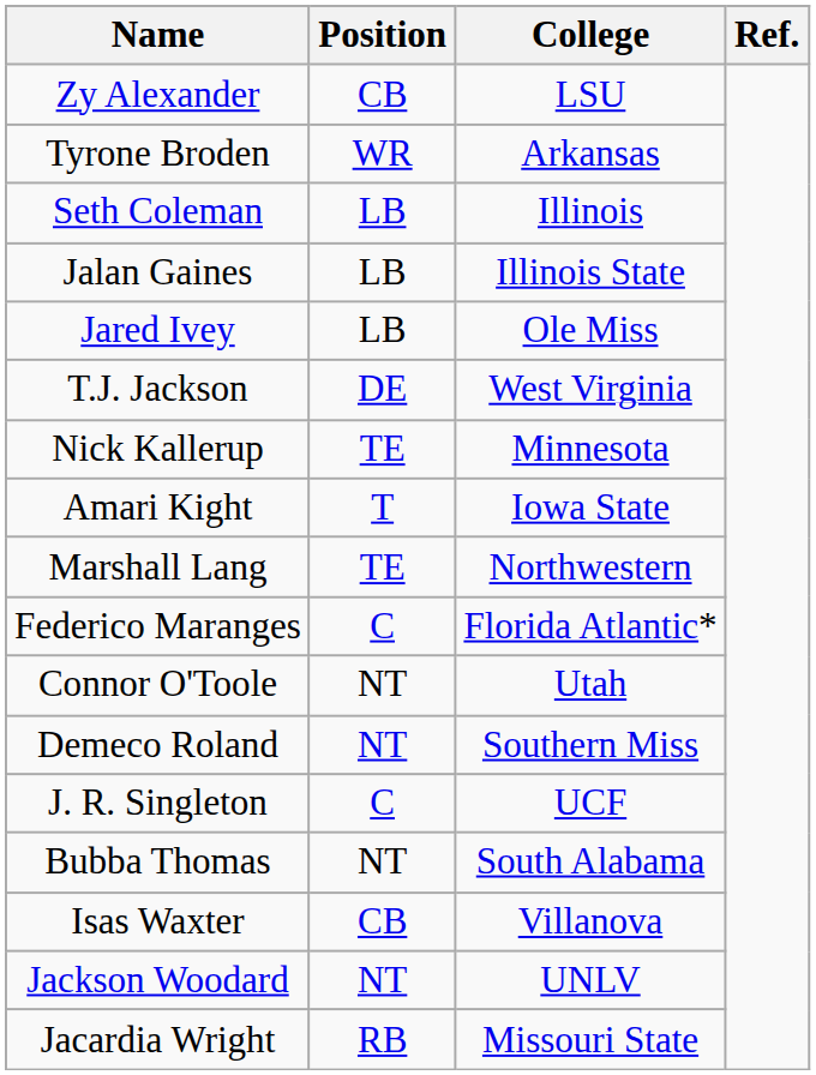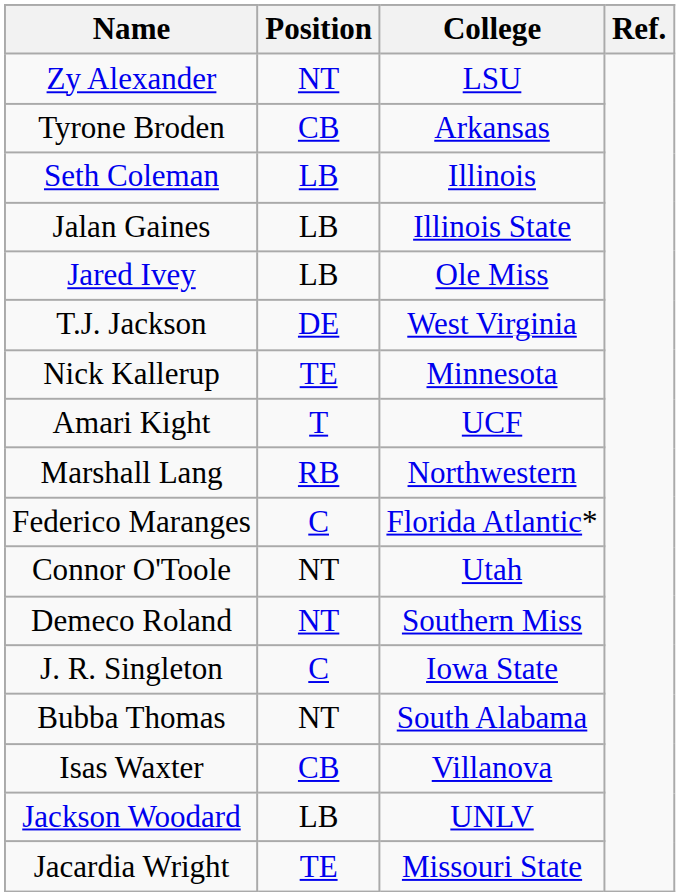 <table class="wikitable" style="text-align:center">
 <tr>
 <th>Name</th>
 <th>Position</th>
 <th>College</th>
 <th>Ref.</th>
 </tr>
 <tr>
 <td><a href='#'>Zy Alexander</a></td>
-<td><a href='#'>CB</a></td>
+<td><a href='#'>NT</a></td>
 <td><a href='#'>LSU</a></td>
 <td rowspan="17"></td>
 </tr>
 <tr>
 <td>Tyrone Broden</td>
-<td><a href='#'>WR</a></td>
+<td><a href='#'>CB</a></td>
 <td><a href='#'>Arkansas</a></td>
 </tr>
 <tr>
 <td><a href='#'>Seth Coleman</a></td>
 <td><a href='#'>LB</a></td>
 <td><a href='#'>Illinois</a></td>
 </tr>
 <tr>
 <td>Jalan Gaines</td>
 <td>LB</td>
 <td><a href='#'>Illinois State</a></td>
 </tr>
 <tr>
 <td><a href='#'>Jared Ivey</a></td>
 <td>LB</td>
 <td><a href='#'>Ole Miss</a></td>
 </tr>
 <tr>
 <td>T.J. Jackson</td>
 <td><a href='#'>DE</a></td>
 <td><a href='#'>West Virginia</a></td>
 </tr>
 <tr>
 <td>Nick Kallerup</td>
 <td><a href='#'>TE</a></td>
 <td><a href='#'>Minnesota</a></td>
 </tr>
 <tr>
 <td>Amari Kight</td>
 <td><a href='#'>T</a></td>
-<td><a href='#'>Iowa State</a></td>
+<td><a href='#'>UCF</a></td>
 </tr>
 <tr>
 <td>Marshall Lang</td>
-<td><a href='#'>TE</a></td>
+<td><a href='#'>RB</a></td>
 <td><a href='#'>Northwestern</a></td>
 </tr>
 <tr>
 <td>Federico Maranges</td>
 <td><a href='#'>C</a></td>
 <td><a href='#'>Florida Atlantic</a>*</td>
 </tr>
 <tr>
 <td>Connor O'Toole</td>
 <td>NT</td>
 <td><a href='#'>Utah</a></td>
 </tr>
 <tr>
 <td>Demeco Roland</td>
 <td><a href='#'>NT</a></td>
 <td><a href='#'>Southern Miss</a></td>
 </tr>
 <tr>
 <td>J. R. Singleton</td>
 <td><a href='#'>C</a></td>
-<td><a href='#'>UCF</a></td>
+<td><a href='#'>Iowa State</a></td>
 </tr>
 <tr>
 <td>Bubba Thomas</td>
 <td>NT</td>
 <td><a href='#'>South Alabama</a></td>
 </tr>
 <tr>
 <td>Isas Waxter</td>
 <td><a href='#'>CB</a></td>
 <td><a href='#'>Villanova</a></td>
 </tr>
 <tr>
 <td><a href='#'>Jackson Woodard</a></td>
-<td><a href='#'>NT</a></td>
+<td>LB</td>
 <td><a href='#'>UNLV</a></td>
 </tr>
 <tr>
 <td>Jacardia Wright</td>
-<td><a href='#'>RB</a></td>
+<td><a href='#'>TE</a></td>
 <td><a href='#'>Missouri State</a></td>
 </tr>
 </table>
